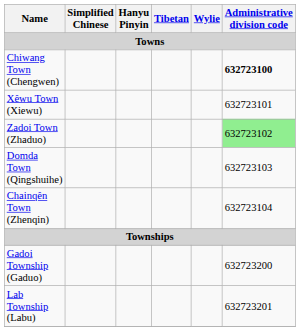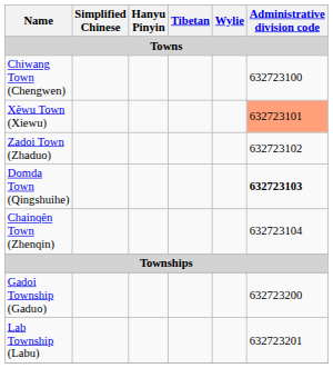 <table class="wikitable" align="center" style="width:50%; border="1">
 <tr>
 <th>Name</th>
 <th>Simplified Chinese</th>
 <th>Hanyu Pinyin</th>
 <th><a href='#'>Tibetan</a></th>
 <th><a href='#'>Wylie</a></th>
 <th><a href='#'>Administrative division code</a></th>
 </tr>
 <tr>
 <td colspan="7"  style="text-align:center; background:#d3d3d3;"><strong>Towns</strong></td>
 </tr>
 <tr --------->
 <td><a href='#'>Chiwang Town</a><br>(Chengwen)</td>
 <td></td>
 <td></td>
 <td></td>
 <td></td>
-<td><strong>632723100</strong></td>
+<td>632723100</td>
 </tr>
 <tr>
 <td><a href='#'>Xêwu Town</a><br>(Xiewu)</td>
 <td></td>
 <td></td>
 <td></td>
 <td></td>
-<td>632723101</td>
+<td style="background: lightsalmon;">632723101</td>
 </tr>
 <tr>
 <td><a href='#'>Zadoi Town</a><br>(Zhaduo)</td>
 <td></td>
 <td></td>
 <td></td>
 <td></td>
-<td style="background: lightgreen;">632723102</td>
+<td>632723102</td>
 </tr>
 <tr>
 <td><a href='#'>Domda Town</a><br>(Qingshuihe)</td>
 <td></td>
 <td></td>
 <td></td>
 <td></td>
-<td>632723103</td>
+<td><strong>632723103</strong></td>
 </tr>
 <tr>
 <td><a href='#'>Chainqên Town</a><br>(Zhenqin)</td>
 <td></td>
 <td></td>
 <td></td>
 <td></td>
 <td>632723104</td>
 </tr>
 <tr>
 <td colspan="7"  style="text-align:center; background:#d3d3d3;"><strong>Townships</strong></td>
 </tr>
 <tr --------->
 <td><a href='#'>Gadoi Township</a><br>(Gaduo)</td>
 <td></td>
 <td></td>
 <td></td>
 <td></td>
 <td>632723200</td>
 </tr>
 <tr>
 <td><a href='#'>Lab Township</a><br>(Labu)</td>
 <td></td>
 <td></td>
 <td></td>
 <td></td>
 <td>632723201</td>
 </tr>
 <tr>
 </tr>
 </table>
